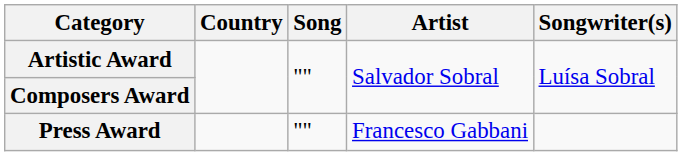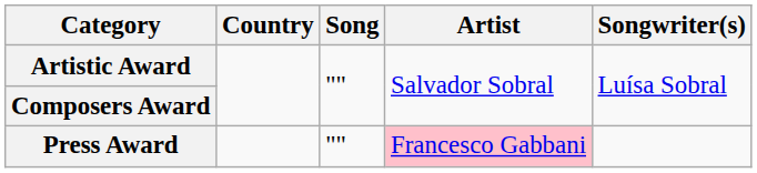 <table class="wikitable plainrowheaders">
 <tr>
 <th scope="col">Category</th>
 <th scope="col">Country</th>
 <th scope="col">Song</th>
 <th scope="col">Artist</th>
 <th scope="col">Songwriter(s)</th>
 </tr>
 <tr>
 <th scope="row">Artistic Award</th>
 <td rowspan="2"></td>
 <td rowspan="2">""</td>
 <td rowspan="2"><a href='#'>Salvador Sobral</a></td>
 <td rowspan="2"><a href='#'>Luísa Sobral</a></td>
 </tr>
 <tr>
 <th scope="row">Composers Award</th>
 </tr>
 <tr>
 <th scope="row">Press Award</th>
 <td></td>
 <td>""</td>
-<td><a href='#'>Francesco Gabbani</a></td>
+<td style="background: pink;"><a href='#'>Francesco Gabbani</a></td>
 <td></td>
 </tr>
 </table>
